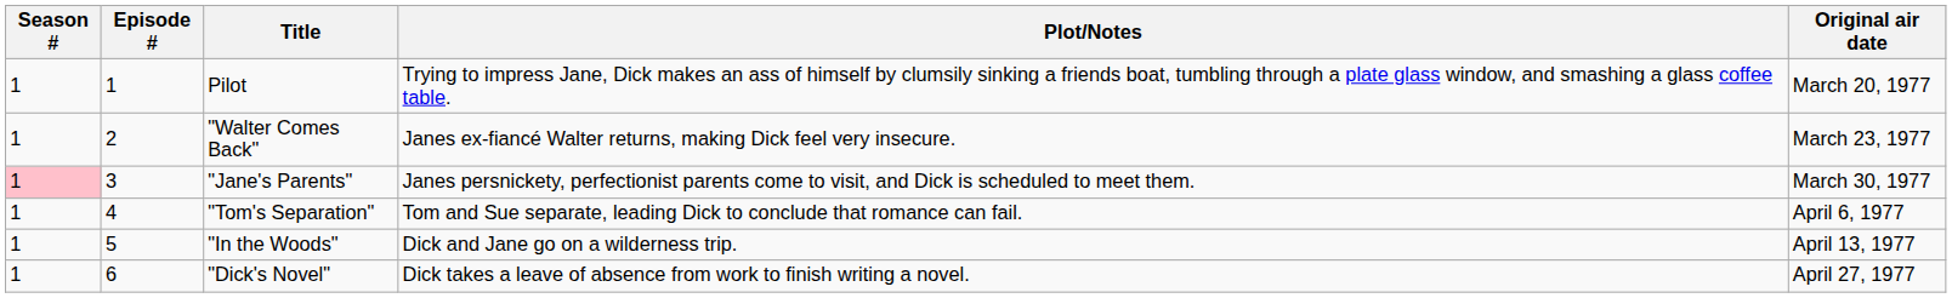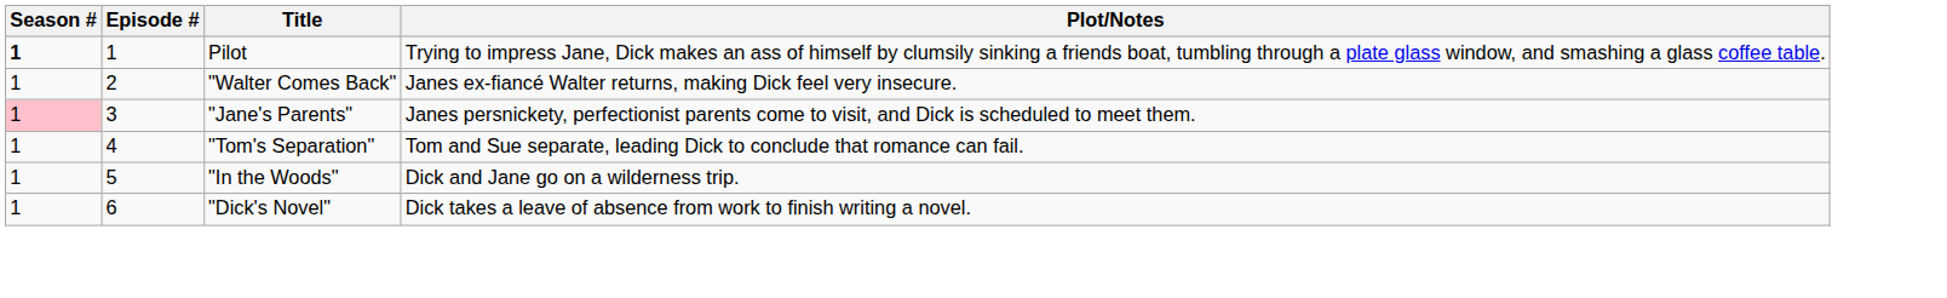 <table class="wikitable">
 <tr bgcolor="#CCCCCC">
 <th>Season #</th>
 <th>Episode #</th>
 <th>Title</th>
 <th>Plot/Notes</th>
-<th>Original air date</th>
 </tr>
 <tr>
-<td>1</td>
+<td><strong>1</strong></td>
 <td>1</td>
 <td>Pilot</td>
 <td>Trying to impress Jane, Dick makes an ass of himself by clumsily sinking a friends boat, tumbling through a <a href='#'>plate glass</a> window, and smashing a glass <a href='#'>coffee table</a>.</td>
-<td>March 20, 1977</td>
 </tr>
 <tr>
 <td>1</td>
 <td>2</td>
 <td>"Walter Comes Back"</td>
 <td>Janes ex-fiancé Walter returns, making Dick feel very insecure.</td>
-<td>March 23, 1977</td>
 </tr>
 <tr>
 <td style="background: pink;">1</td>
 <td>3</td>
 <td>"Jane's Parents"</td>
 <td>Janes persnickety, perfectionist parents come to visit, and Dick is scheduled to meet them.</td>
-<td>March 30, 1977</td>
 </tr>
 <tr>
 <td>1</td>
 <td>4</td>
 <td>"Tom's Separation"</td>
 <td>Tom and Sue separate, leading Dick to conclude that romance can fail.</td>
-<td>April 6, 1977</td>
 </tr>
 <tr>
 <td>1</td>
 <td>5</td>
 <td>"In the Woods"</td>
 <td>Dick and Jane go on a wilderness trip.</td>
-<td>April 13, 1977</td>
 </tr>
 <tr>
 <td>1</td>
 <td>6</td>
 <td>"Dick's Novel"</td>
 <td>Dick takes a leave of absence from work to finish writing a novel.</td>
-<td>April 27, 1977</td>
 </tr>
 </table>
